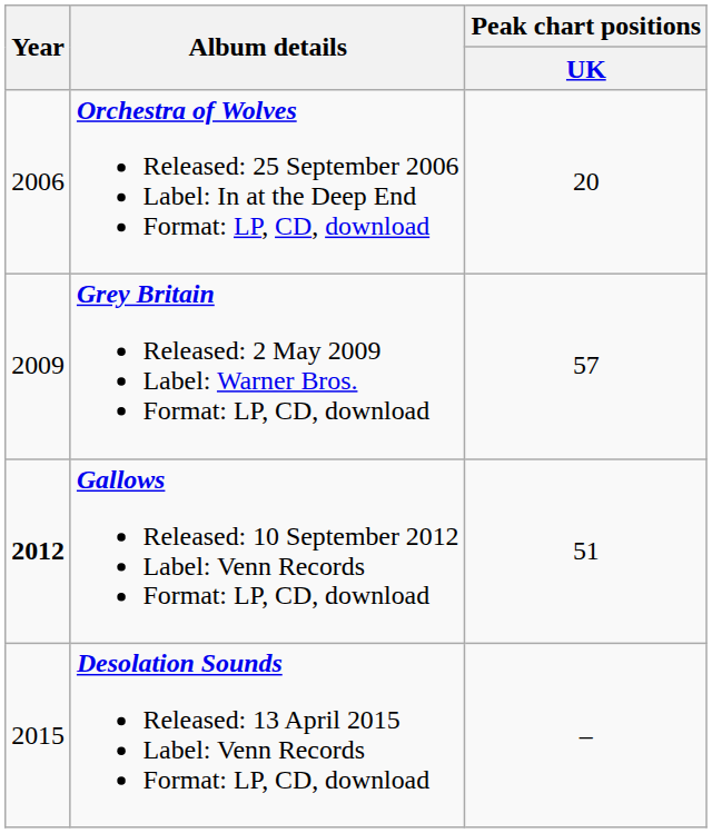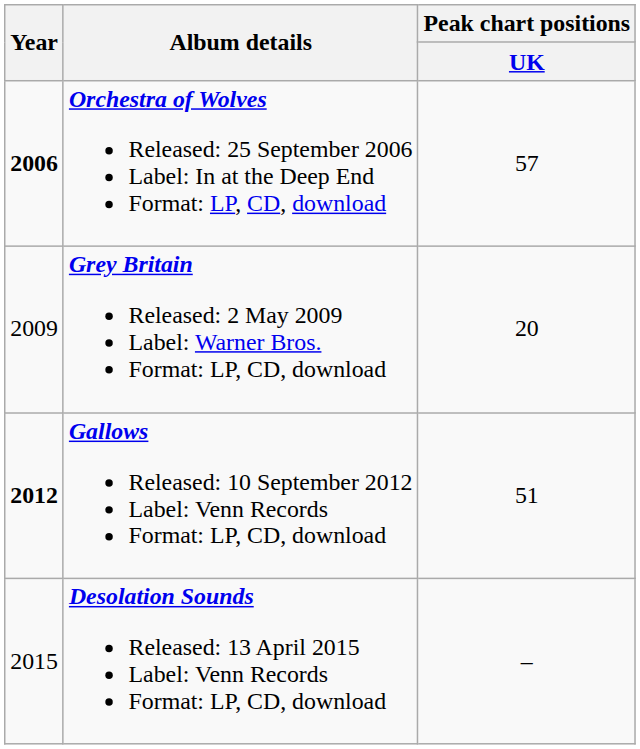 <table class ="wikitable">
 <tr>
 <th rowspan="2">Year</th>
 <th rowspan="2">Album details</th>
 <th>Peak chart positions</th>
 </tr>
 <tr>
 <th style="text-align:center;"><a href='#'>UK</a><br></th>
 </tr>
 <tr>
-<td>2006</td>
+<td><strong>2006</strong></td>
 <td align=left><strong><em><a href='#'>Orchestra of Wolves</a></em></strong><br><ul><li>Released: 25 September 2006</li><li>Label: In at the Deep End</li><li>Format: <a href='#'>LP</a>, <a href='#'>CD</a>, <a href='#'>download</a></li></ul></td>
-<td style="text-align:center;"> 20</td>
+<td style="text-align:center;"> 57</td>
 </tr>
 <tr>
 <td>2009</td>
 <td align=left><strong><em><a href='#'>Grey Britain</a></em></strong><br><ul><li>Released: 2 May 2009</li><li>Label: <a href='#'>Warner Bros.</a></li><li>Format: LP, CD, download</li></ul></td>
-<td style="text-align:center;"> 57</td>
+<td style="text-align:center;"> 20</td>
 </tr>
 <tr>
 <td><strong>2012</strong></td>
 <td align=left><strong><em><a href='#'>Gallows</a></em></strong><br><ul><li>Released: 10 September 2012</li><li>Label: Venn Records</li><li>Format: LP, CD, download</li></ul></td>
 <td style="text-align:center;"> 51</td>
 </tr>
 <tr>
 <td>2015</td>
 <td align=left><strong><em><a href='#'>Desolation Sounds</a></em></strong><br><ul><li>Released: 13 April 2015</li><li>Label: Venn Records</li><li>Format: LP, CD, download</li></ul></td>
 <td style="text-align:center;">–</td>
 </tr>
 </table>
